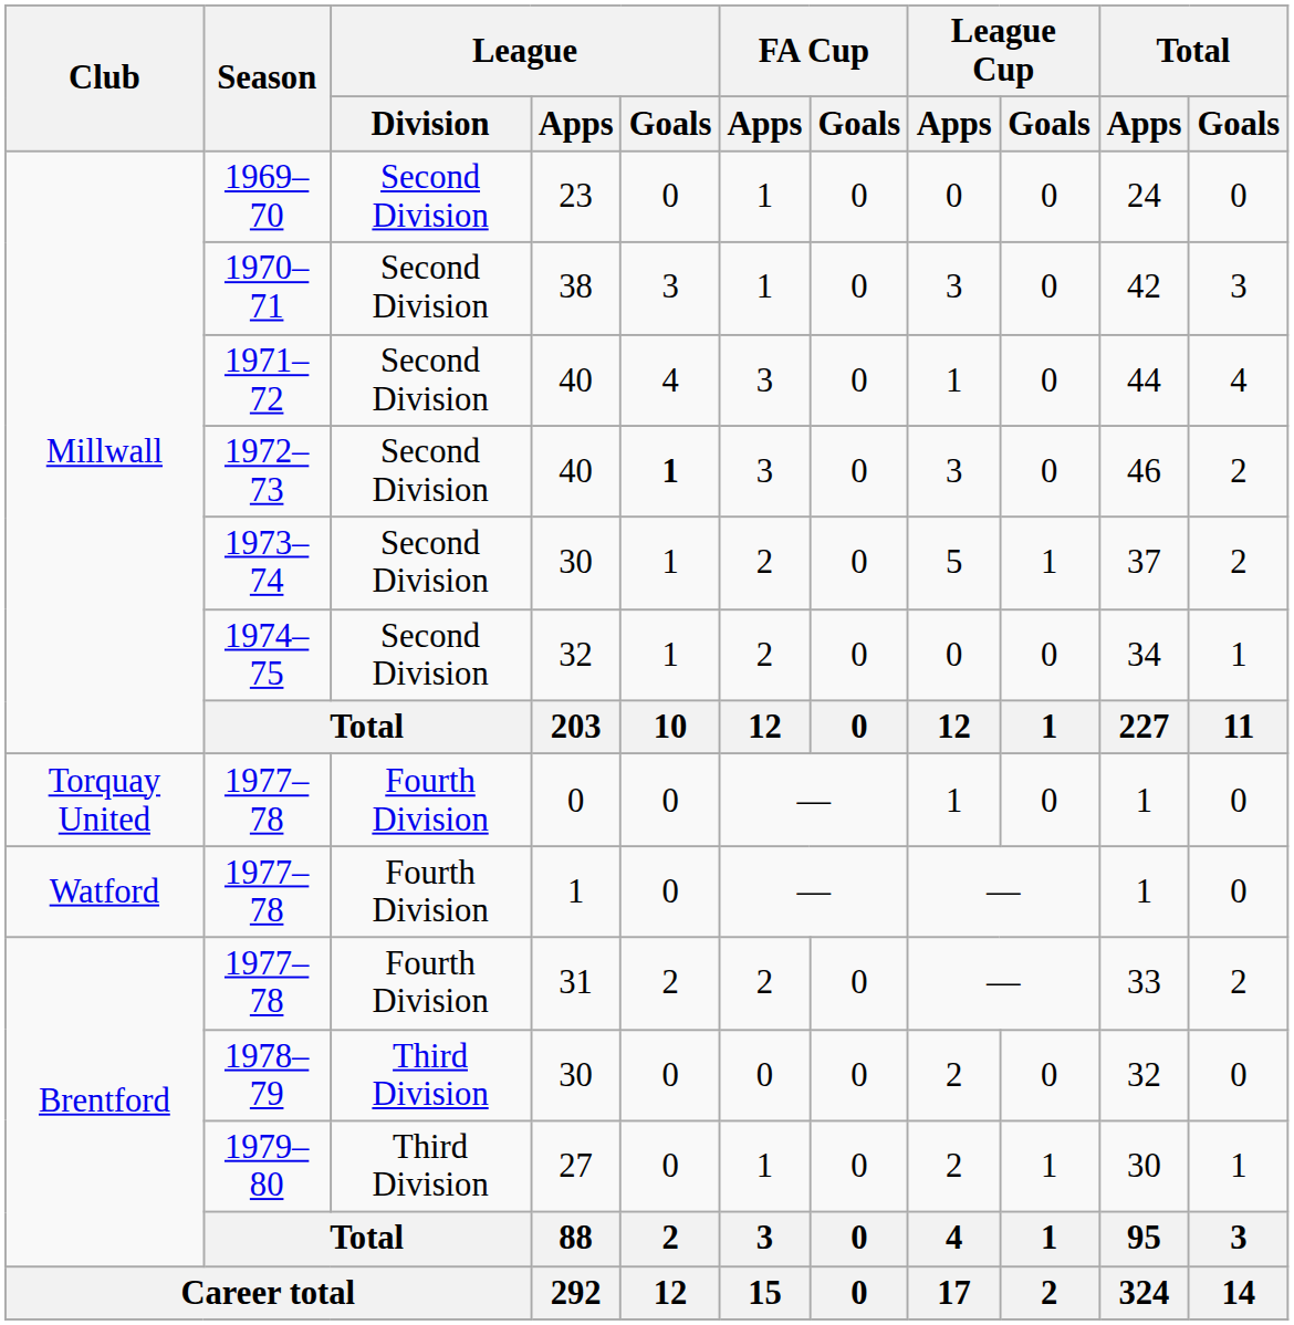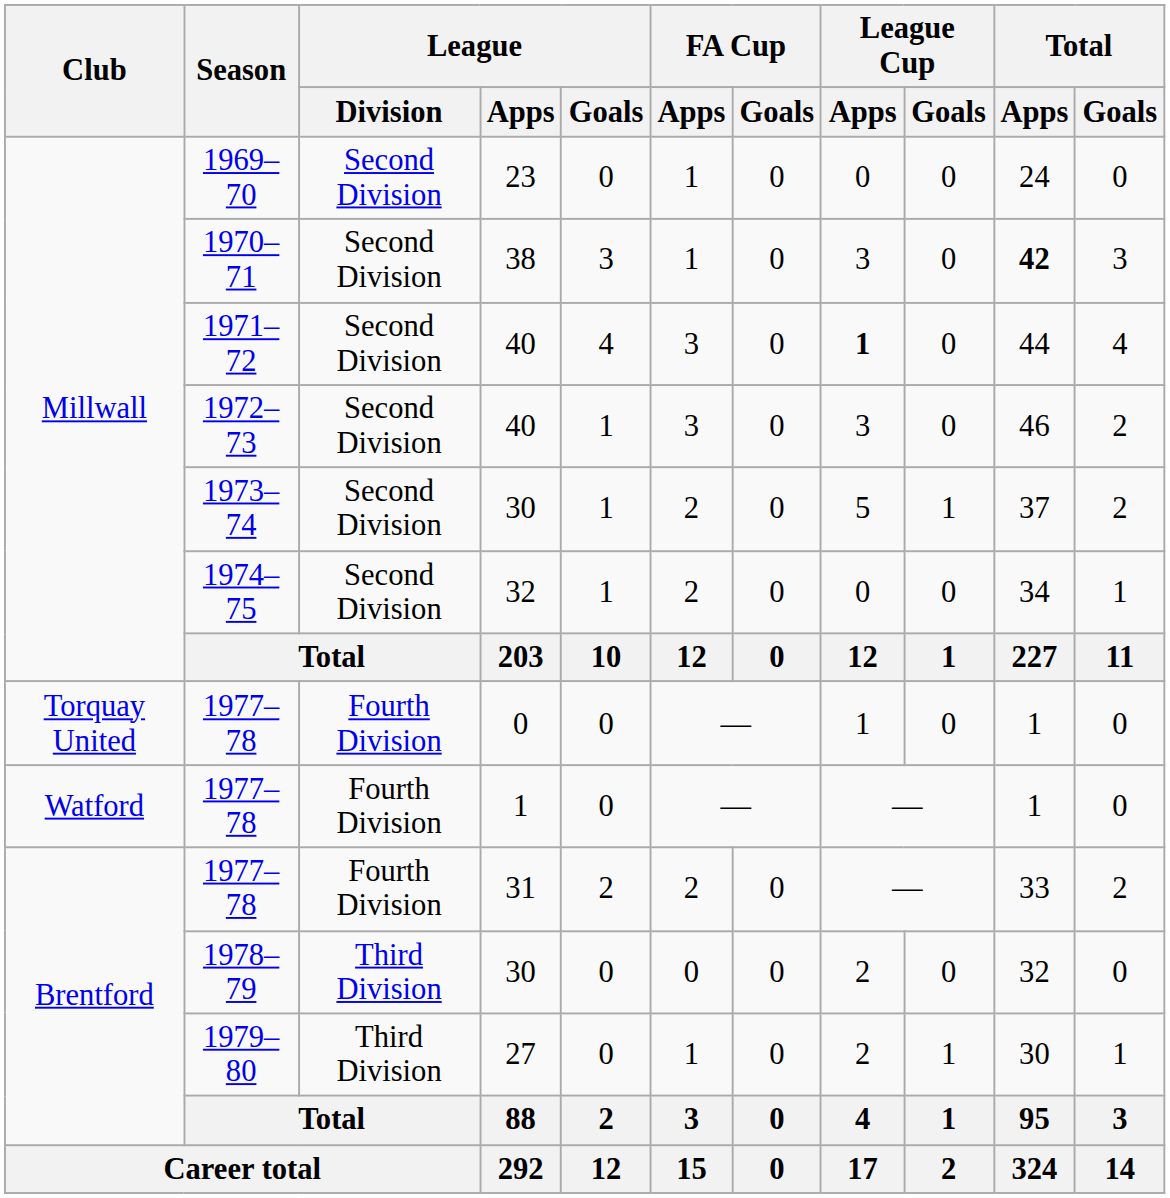 <table class="wikitable" style="text-align: center;">
 <tr>
 <th rowspan="2">Club</th>
 <th rowspan="2">Season</th>
 <th colspan="3">League</th>
 <th colspan="2">FA Cup</th>
 <th colspan="2">League Cup</th>
 <th colspan="2">Total</th>
 </tr>
 <tr>
 <th>Division</th>
 <th>Apps</th>
 <th>Goals</th>
 <th>Apps</th>
 <th>Goals</th>
 <th>Apps</th>
 <th>Goals</th>
 <th>Apps</th>
 <th>Goals</th>
 </tr>
 <tr>
 <td rowspan="7"><a href='#'>Millwall</a></td>
 <td><a href='#'>1969–70</a></td>
 <td><a href='#'>Second Division</a></td>
 <td>23</td>
 <td>0</td>
 <td>1</td>
 <td>0</td>
 <td>0</td>
 <td>0</td>
 <td>24</td>
 <td>0</td>
 </tr>
 <tr>
 <td><a href='#'>1970–71</a></td>
 <td>Second Division</td>
 <td>38</td>
 <td>3</td>
 <td>1</td>
 <td>0</td>
 <td>3</td>
 <td>0</td>
-<td>42</td>
+<td><strong>42</strong></td>
 <td>3</td>
 </tr>
 <tr>
 <td><a href='#'>1971–72</a></td>
 <td>Second Division</td>
 <td>40</td>
 <td>4</td>
 <td>3</td>
 <td>0</td>
-<td>1</td>
+<td><strong>1</strong></td>
 <td>0</td>
 <td>44</td>
 <td>4</td>
 </tr>
 <tr>
 <td><a href='#'>1972–73</a></td>
 <td>Second Division</td>
 <td>40</td>
-<td><strong>1</strong></td>
+<td>1</td>
 <td>3</td>
 <td>0</td>
 <td>3</td>
 <td>0</td>
 <td>46</td>
 <td>2</td>
 </tr>
 <tr>
 <td><a href='#'>1973–74</a></td>
 <td>Second Division</td>
 <td>30</td>
 <td>1</td>
 <td>2</td>
 <td>0</td>
 <td>5</td>
 <td>1</td>
 <td>37</td>
 <td>2</td>
 </tr>
 <tr>
 <td><a href='#'>1974–75</a></td>
 <td>Second Division</td>
 <td>32</td>
 <td>1</td>
 <td>2</td>
 <td>0</td>
 <td>0</td>
 <td>0</td>
 <td>34</td>
 <td>1</td>
 </tr>
 <tr>
 <th colspan="2">Total</th>
 <th>203</th>
 <th>10</th>
 <th>12</th>
 <th>0</th>
 <th>12</th>
 <th>1</th>
 <th>227</th>
 <th>11</th>
 </tr>
 <tr>
 <td><a href='#'>Torquay United</a></td>
 <td><a href='#'>1977–78</a></td>
 <td><a href='#'>Fourth Division</a></td>
 <td>0</td>
 <td>0</td>
 <td colspan="2">—</td>
 <td>1</td>
 <td>0</td>
 <td>1</td>
 <td>0</td>
 </tr>
 <tr>
 <td><a href='#'>Watford</a></td>
 <td><a href='#'>1977–78</a></td>
 <td>Fourth Division</td>
 <td>1</td>
 <td>0</td>
 <td colspan="2">—</td>
 <td colspan="2">—</td>
 <td>1</td>
 <td>0</td>
 </tr>
 <tr>
 <td rowspan="4"><a href='#'>Brentford</a></td>
 <td><a href='#'>1977–78</a></td>
 <td>Fourth Division</td>
 <td>31</td>
 <td>2</td>
 <td>2</td>
 <td>0</td>
 <td colspan="2">—</td>
 <td>33</td>
 <td>2</td>
 </tr>
 <tr>
 <td><a href='#'>1978–79</a></td>
 <td><a href='#'>Third Division</a></td>
 <td>30</td>
 <td>0</td>
 <td>0</td>
 <td>0</td>
 <td>2</td>
 <td>0</td>
 <td>32</td>
 <td>0</td>
 </tr>
 <tr>
 <td><a href='#'>1979–80</a></td>
 <td>Third Division</td>
 <td>27</td>
 <td>0</td>
 <td>1</td>
 <td>0</td>
 <td>2</td>
 <td>1</td>
 <td>30</td>
 <td>1</td>
 </tr>
 <tr>
 <th colspan="2">Total</th>
 <th>88</th>
 <th>2</th>
 <th>3</th>
 <th>0</th>
 <th>4</th>
 <th>1</th>
 <th>95</th>
 <th>3</th>
 </tr>
 <tr>
 <th colspan="3">Career total</th>
 <th>292</th>
 <th>12</th>
 <th>15</th>
 <th>0</th>
 <th>17</th>
 <th>2</th>
 <th>324</th>
 <th>14</th>
 </tr>
 </table>
